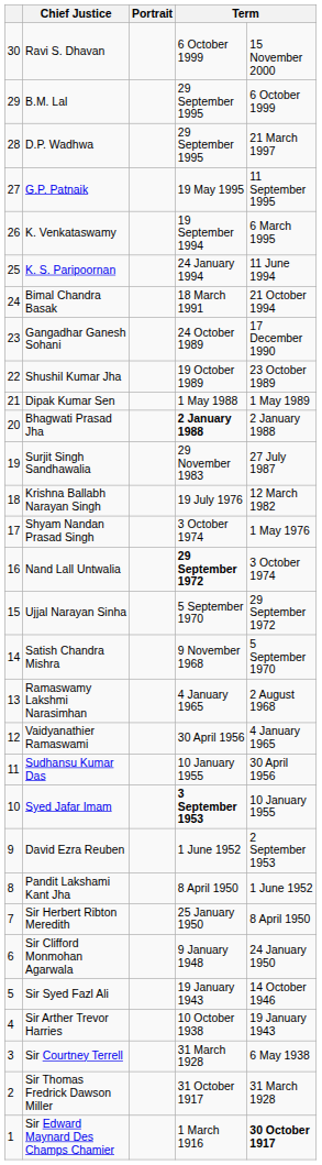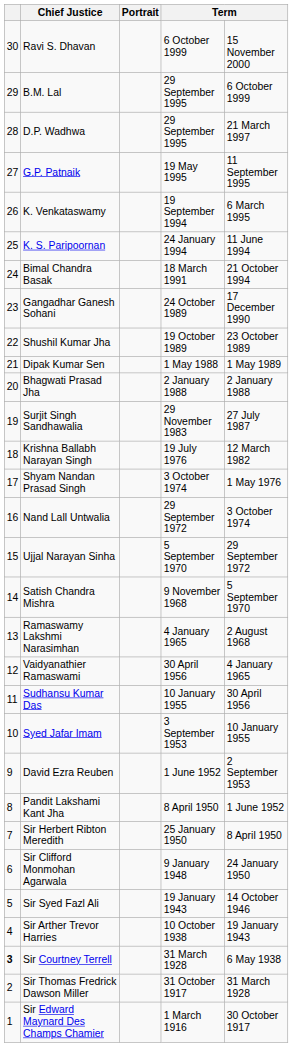 <table class="wikitable" width="70%">
 <tr>
 <th></th>
 <th>Chief Justice</th>
 <th><strong>Portrait</strong></th>
 <th colspan="2">Term</th>
 </tr>
 <tr>
 <td>30</td>
 <td>Ravi S. Dhavan</td>
 <td></td>
 <td>6 October 1999</td>
 <td><br>15 November 2000</td>
 </tr>
 <tr>
 <td>29</td>
 <td>B.M. Lal</td>
 <td></td>
 <td>29 September 1995</td>
 <td>6 October 1999</td>
 </tr>
 <tr>
 <td>28</td>
 <td>D.P. Wadhwa</td>
 <td></td>
 <td>29 September 1995</td>
 <td>21 March 1997</td>
 </tr>
 <tr>
 <td>27</td>
 <td><a href='#'>G.P. Patnaik</a></td>
 <td></td>
 <td>19 May 1995</td>
 <td>11 September 1995</td>
 </tr>
 <tr>
 <td>26</td>
 <td>K. Venkataswamy</td>
 <td></td>
 <td>19 September 1994</td>
 <td>6 March 1995</td>
 </tr>
 <tr>
 <td>25</td>
 <td><a href='#'>K. S. Paripoornan</a></td>
 <td></td>
 <td>24 January 1994</td>
 <td>11 June 1994</td>
 </tr>
 <tr>
 <td>24</td>
 <td>Bimal Chandra Basak</td>
 <td></td>
 <td>18 March 1991</td>
 <td>21 October 1994</td>
 </tr>
 <tr>
 <td>23</td>
 <td>Gangadhar Ganesh Sohani</td>
 <td></td>
 <td>24 October 1989</td>
 <td>17 December 1990</td>
 </tr>
 <tr>
 <td>22</td>
 <td>Shushil Kumar Jha</td>
 <td></td>
 <td>19 October 1989</td>
 <td>23 October 1989</td>
 </tr>
 <tr>
 <td>21</td>
 <td>Dipak Kumar Sen</td>
 <td></td>
 <td>1 May 1988</td>
 <td>1 May 1989</td>
 </tr>
 <tr>
 <td>20</td>
 <td>Bhagwati Prasad Jha</td>
 <td></td>
-<td><strong>2 January 1988</strong></td>
+<td>2 January 1988</td>
 <td>2 January 1988</td>
 </tr>
 <tr>
 <td>19</td>
 <td>Surjit Singh Sandhawalia</td>
 <td></td>
 <td>29 November 1983</td>
 <td>27 July 1987</td>
 </tr>
 <tr>
 <td>18</td>
 <td>Krishna Ballabh Narayan Singh</td>
 <td></td>
 <td>19 July 1976</td>
 <td>12 March 1982</td>
 </tr>
 <tr>
 <td>17</td>
 <td>Shyam Nandan Prasad Singh</td>
 <td></td>
 <td>3 October 1974</td>
 <td>1 May 1976</td>
 </tr>
 <tr>
 <td>16</td>
 <td>Nand Lall Untwalia</td>
 <td></td>
-<td><strong>29 September 1972</strong></td>
+<td>29 September 1972</td>
 <td>3 October 1974</td>
 </tr>
 <tr>
 <td>15</td>
 <td>Ujjal Narayan Sinha</td>
 <td></td>
 <td>5 September 1970</td>
 <td>29 September 1972</td>
 </tr>
 <tr>
 <td>14</td>
 <td>Satish Chandra Mishra</td>
 <td></td>
 <td>9 November 1968</td>
 <td>5 September 1970</td>
 </tr>
 <tr>
 <td>13</td>
 <td>Ramaswamy Lakshmi Narasimhan</td>
 <td></td>
 <td>4 January 1965</td>
 <td>2 August 1968</td>
 </tr>
 <tr>
 <td>12</td>
 <td>Vaidyanathier Ramaswami</td>
 <td></td>
 <td>30 April 1956</td>
 <td>4 January 1965</td>
 </tr>
 <tr>
 <td>11</td>
 <td><a href='#'>Sudhansu Kumar Das</a></td>
 <td></td>
 <td>10 January 1955</td>
 <td>30 April 1956</td>
 </tr>
 <tr>
 <td>10</td>
 <td><a href='#'>Syed Jafar Imam</a></td>
 <td></td>
-<td><strong>3 September 1953</strong></td>
+<td>3 September 1953</td>
 <td>10 January 1955</td>
 </tr>
 <tr>
 <td>9</td>
 <td>David Ezra Reuben</td>
 <td></td>
 <td>1 June 1952</td>
 <td>2 September 1953</td>
 </tr>
 <tr>
 <td>8</td>
 <td>Pandit Lakshami Kant Jha</td>
 <td></td>
 <td>8 April 1950</td>
 <td>1 June 1952</td>
 </tr>
 <tr>
 <td>7</td>
 <td>Sir Herbert Ribton Meredith</td>
 <td></td>
 <td>25 January 1950</td>
 <td>8 April 1950</td>
 </tr>
 <tr>
 <td>6</td>
 <td>Sir Clifford Monmohan Agarwala</td>
 <td></td>
 <td>9 January 1948</td>
 <td>24 January 1950</td>
 </tr>
 <tr>
 <td>5</td>
 <td>Sir Syed Fazl Ali</td>
 <td></td>
 <td>19 January 1943</td>
 <td>14 October 1946</td>
 </tr>
 <tr>
 <td>4</td>
 <td>Sir Arther Trevor Harries</td>
 <td></td>
 <td>10 October 1938</td>
 <td>19 January 1943</td>
 </tr>
 <tr>
-<td>3</td>
+<td><strong>3</strong></td>
 <td>Sir <a href='#'>Courtney Terrell</a></td>
 <td></td>
 <td>31 March 1928</td>
 <td>6 May 1938</td>
 </tr>
 <tr>
 <td>2</td>
 <td>Sir Thomas Fredrick Dawson Miller</td>
 <td></td>
 <td>31 October 1917</td>
 <td>31 March 1928</td>
 </tr>
 <tr>
 <td>1</td>
 <td>Sir <a href='#'>Edward Maynard Des Champs Chamier</a></td>
 <td></td>
 <td>1 March 1916</td>
-<td><strong>30 October 1917</strong></td>
+<td>30 October 1917</td>
 </tr>
 </table>
